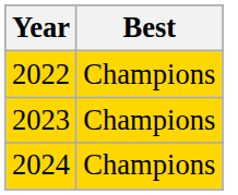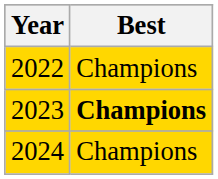 <table class="wikitable">
 <tr>
 <th>Year</th>
 <th>Best</th>
 </tr>
 <tr bgcolor=#FFD700>
 <td>2022</td>
 <td>Champions</td>
 </tr>
 <tr bgcolor=#FFD700>
 <td>2023</td>
-<td>Champions</td>
+<td><strong>Champions</strong></td>
 </tr>
 <tr bgcolor=#FFD700>
 <td>2024</td>
 <td>Champions</td>
 </tr>
 </table>
